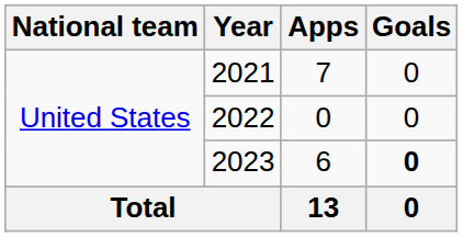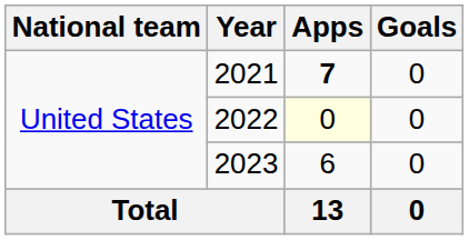 <table class="wikitable" style="text-align:center">
 <tr>
 <th>National team</th>
 <th>Year</th>
 <th>Apps</th>
 <th>Goals</th>
 </tr>
 <tr>
 <td rowspan=3><a href='#'>United States</a></td>
 <td>2021</td>
-<td>7</td>
+<td><strong>7</strong></td>
 <td>0</td>
 </tr>
 <tr>
 <td>2022</td>
-<td>0</td>
+<td style="background: lightyellow;">0</td>
 <td>0</td>
 </tr>
 <tr>
 <td>2023</td>
 <td>6</td>
-<td><strong>0</strong></td>
+<td>0</td>
 </tr>
 <tr>
 <th colspan="2">Total</th>
 <th>13</th>
 <th>0</th>
 </tr>
 </table>
